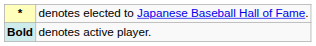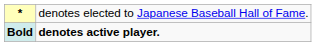 <table class="wikitable" style="font-size:100%;">
 <tr>
 <th scope="row" style="background-color:#ffffbb">*</th>
 <td>denotes elected to <a href='#'>Japanese Baseball Hall of Fame</a>.</td>
 </tr>
 <tr>
 <th scope="row" style="background:#cfecec;"><strong>Bold</strong></th>
-<td>denotes active player.</td>
+<td><strong>denotes active player.</strong></td>
 </tr>
 </table>
